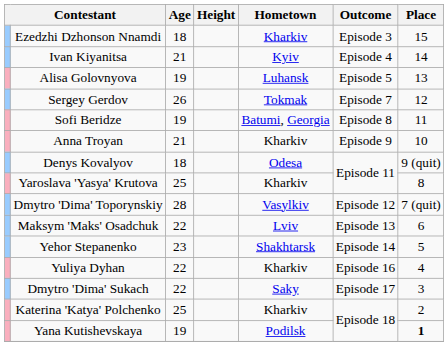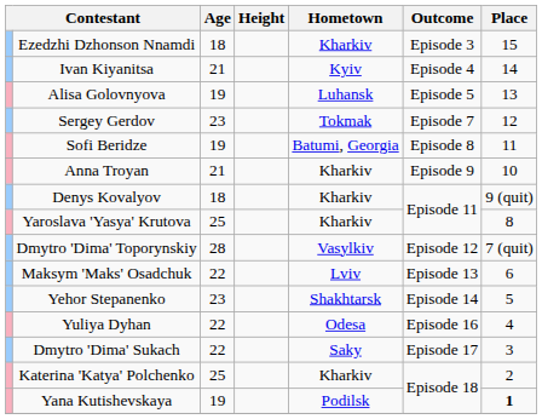 <table class="wikitable sortable" style="text-align:center;">
 <tr>
 <th colspan="2">Contestant</th>
 <th>Age</th>
 <th>Height</th>
 <th>Hometown</th>
 <th>Outcome</th>
 <th>Place</th>
 </tr>
 <tr>
 <td style="background:#9cf;"></td>
 <td>Ezedzhi Dzhonson Nnamdi</td>
 <td>18</td>
 <td></td>
 <td><a href='#'>Kharkiv</a></td>
 <td>Episode 3</td>
 <td>15</td>
 </tr>
 <tr>
 <td style="background:#9cf;"></td>
 <td>Ivan Kiyanitsa</td>
 <td>21</td>
 <td></td>
 <td><a href='#'>Kyiv</a></td>
 <td>Episode 4</td>
 <td>14</td>
 </tr>
 <tr>
 <td style="background:#faafbe"></td>
 <td>Alisa Golovnyova</td>
 <td>19</td>
 <td></td>
 <td><a href='#'>Luhansk</a></td>
 <td>Episode 5</td>
 <td>13</td>
 </tr>
 <tr>
 <td style="background:#9cf;"></td>
 <td>Sergey Gerdov</td>
-<td>26</td>
+<td>23</td>
 <td></td>
 <td><a href='#'>Tokmak</a></td>
 <td>Episode 7</td>
 <td>12</td>
 </tr>
 <tr>
 <td style="background:#faafbe"></td>
 <td>Sofi Beridze</td>
 <td>19</td>
 <td></td>
 <td><a href='#'>Batumi</a>, <a href='#'>Georgia</a></td>
 <td>Episode 8</td>
 <td>11</td>
 </tr>
 <tr>
 <td style="background:#faafbe"></td>
 <td>Anna Troyan</td>
 <td>21</td>
 <td></td>
 <td>Kharkiv</td>
 <td>Episode 9</td>
 <td>10</td>
 </tr>
 <tr>
 <td style="background:#9cf;"></td>
 <td>Denys Kovalyov</td>
 <td>18</td>
 <td></td>
-<td><a href='#'>Odesa</a></td>
+<td>Kharkiv</td>
 <td rowspan="2">Episode 11</td>
 <td>9 (quit)</td>
 </tr>
 <tr>
 <td style="background:#faafbe"></td>
 <td>Yaroslava 'Yasya' Krutova</td>
 <td>25</td>
 <td></td>
 <td>Kharkiv</td>
 <td>8</td>
 </tr>
 <tr>
 <td style="background:#9cf;"></td>
 <td>Dmytro 'Dima' Toporynskiy</td>
 <td>28</td>
 <td></td>
 <td><a href='#'>Vasylkiv</a></td>
 <td>Episode 12</td>
 <td>7 (quit)</td>
 </tr>
 <tr>
 <td style="background:#9cf;"></td>
 <td>Maksym 'Maks' Osadchuk</td>
 <td>22</td>
 <td></td>
 <td><a href='#'>Lviv</a></td>
 <td>Episode 13</td>
 <td>6</td>
 </tr>
 <tr>
 <td style="background:#9cf;"></td>
 <td>Yehor Stepanenko</td>
 <td>23</td>
 <td></td>
 <td><a href='#'>Shakhtarsk</a></td>
 <td>Episode 14</td>
 <td>5</td>
 </tr>
 <tr>
 <td style="background:#faafbe"></td>
 <td>Yuliya Dyhan</td>
 <td>22</td>
 <td></td>
-<td>Kharkiv</td>
+<td><a href='#'>Odesa</a></td>
 <td>Episode 16</td>
 <td>4</td>
 </tr>
 <tr>
 <td style="background:#9cf;"></td>
 <td>Dmytro 'Dima' Sukach</td>
 <td>22</td>
 <td></td>
 <td><a href='#'>Saky</a></td>
 <td>Episode 17</td>
 <td>3</td>
 </tr>
 <tr>
 <td style="background:#faafbe"></td>
 <td>Katerina 'Katya' Polchenko</td>
 <td>25</td>
 <td></td>
 <td>Kharkiv</td>
 <td rowspan="2">Episode 18</td>
 <td>2</td>
 </tr>
 <tr>
 <td style="background:#faafbe"></td>
 <td>Yana Kutishevskaya</td>
 <td>19</td>
 <td></td>
 <td><a href='#'>Podilsk</a></td>
 <td><strong>1</strong></td>
 </tr>
 <tr>
 </tr>
 </table>
